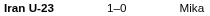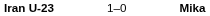 <table width=100% cellspacing=1>
 <tr>
 <th width=20%></th>
 <th width=12%></th>
 <th width=20%></th>
 <th></th>
 </tr>
 <tr style=font-size:90%>
 <td align=right><strong>Iran U-23</strong></td>
 <td align=center>1–0</td>
-<td>Mika</td>
+<td><strong>Mika</strong></td>
 </tr>
 </table>
